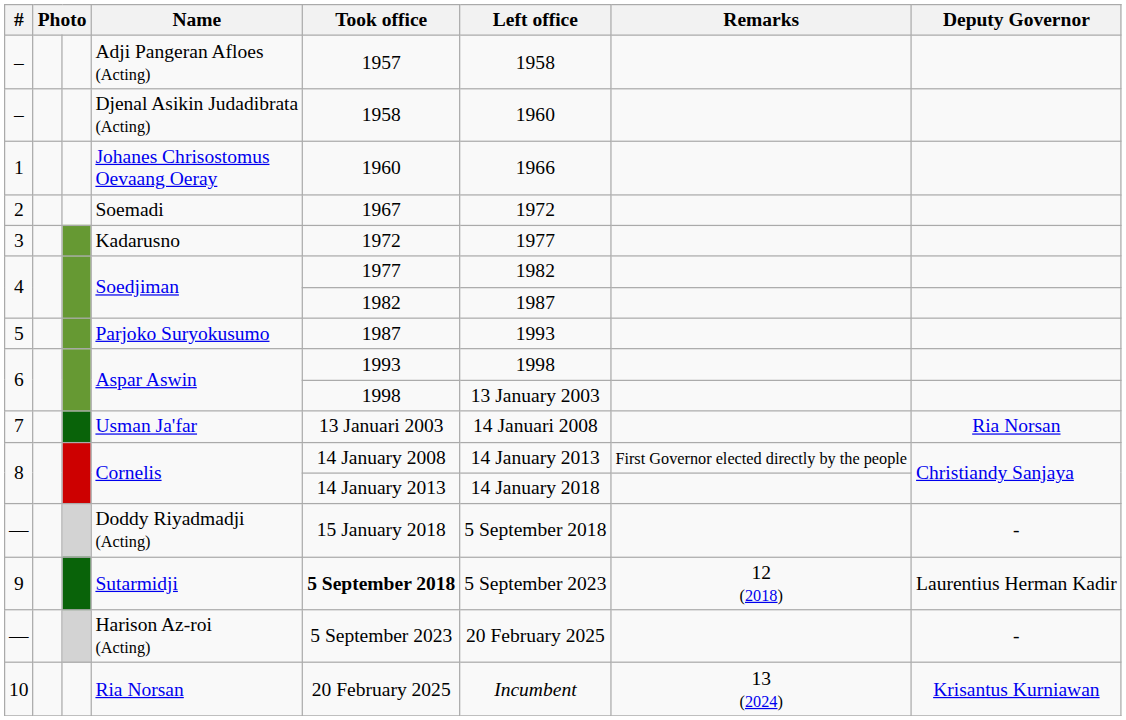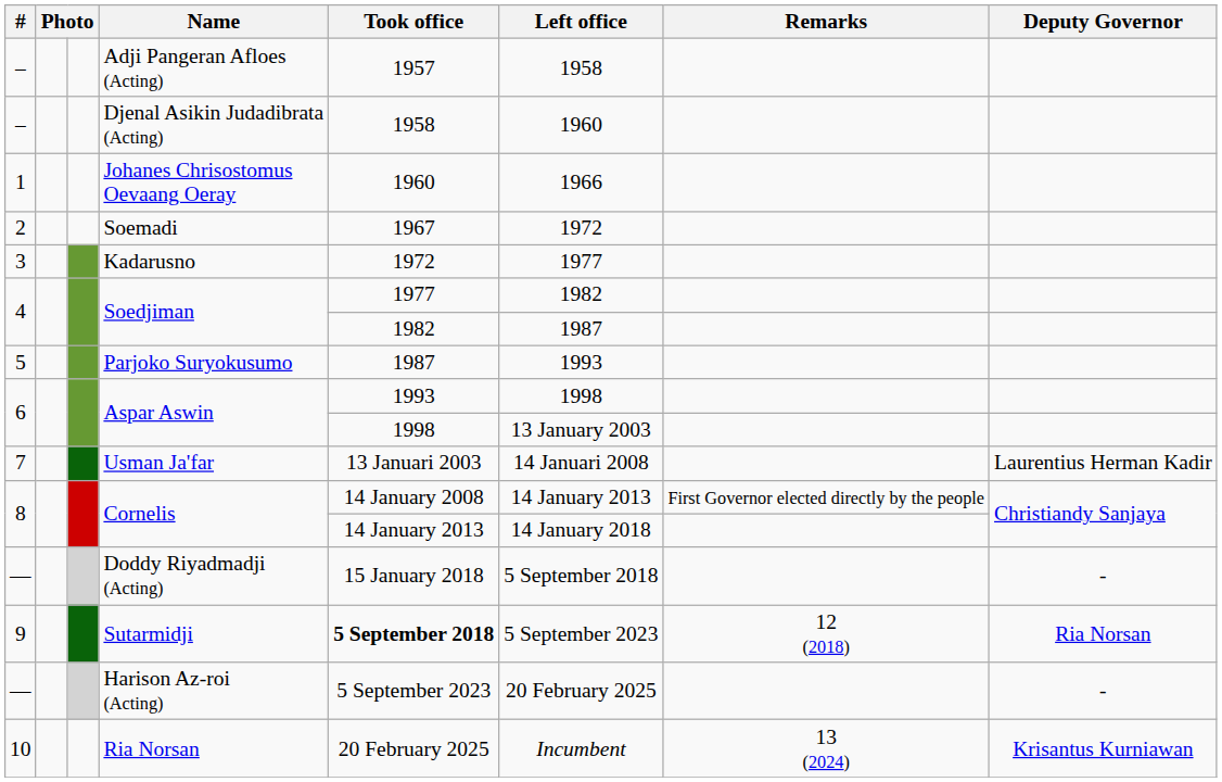 <table class="wikitable">
 <tr>
 <th>#</th>
 <th colspan=2>Photo</th>
 <th>Name</th>
 <th>Took office</th>
 <th>Left office</th>
 <th>Remarks</th>
 <th>Deputy Governor</th>
 </tr>
 <tr>
 <td style="text-align:center;">–</td>
 <td></td>
 <td></td>
 <td>Adji Pangeran Afloes<br><small>(Acting)</small></td>
 <td style="text-align:center;">1957</td>
 <td style="text-align:center;">1958</td>
 <td></td>
 <td></td>
 </tr>
 <tr>
 <td style="text-align:center;">–</td>
 <td></td>
 <td></td>
 <td>Djenal Asikin Judadibrata<br><small>(Acting)</small></td>
 <td style="text-align:center;">1958</td>
 <td style="text-align:center;">1960</td>
 <td></td>
 <td></td>
 </tr>
 <tr>
 <td style="text-align:center;">1</td>
 <td></td>
 <td></td>
 <td><a href='#'>Johanes Chrisostomus<br>Oevaang Oeray</a></td>
 <td style="text-align:center;">1960</td>
 <td style="text-align:center;">1966</td>
 <td></td>
 </tr>
 <tr>
 <td style="text-align:center;">2</td>
 <td></td>
 <td></td>
 <td>Soemadi</td>
 <td style="text-align:center;">1967</td>
 <td style="text-align:center;">1972</td>
 <td></td>
 <td></td>
 </tr>
 <tr>
 <td style="text-align:center;">3</td>
 <td></td>
 <td bgcolor=#669933></td>
 <td>Kadarusno</td>
 <td style="text-align:center;">1972</td>
 <td style="text-align:center;">1977</td>
 <td></td>
 <td></td>
 </tr>
 <tr>
 <td rowspan="2" style="text-align:center;">4</td>
 <td rowspan=2></td>
 <td rowspan=2 bgcolor=#669933></td>
 <td rowspan=2><a href='#'>Soedjiman</a></td>
 <td style="text-align:center;">1977</td>
 <td style="text-align:center;">1982</td>
 <td></td>
 <td></td>
 </tr>
 <tr>
 <td style="text-align:center;">1982</td>
 <td style="text-align:center;">1987</td>
 <td></td>
 <td></td>
 </tr>
 <tr>
 <td style="text-align:center;">5</td>
 <td></td>
 <td bgcolor=#669933></td>
 <td><a href='#'>Parjoko Suryokusumo</a></td>
 <td style="text-align:center;">1987</td>
 <td style="text-align:center;">1993</td>
 <td></td>
 <td></td>
 </tr>
 <tr>
 <td rowspan="2" style="text-align:center;">6</td>
 <td rowspan=2></td>
 <td rowspan=2 bgcolor=#669933></td>
 <td rowspan=2><a href='#'>Aspar Aswin</a></td>
 <td style="text-align:center;">1993</td>
 <td style="text-align:center;">1998</td>
 <td></td>
 <td></td>
 </tr>
 <tr>
 <td style="text-align:center;">1998</td>
 <td style="text-align:center;">13 January 2003</td>
 <td></td>
 <td></td>
 </tr>
 <tr>
 <td style="text-align:center;">7</td>
 <td></td>
 <td bgcolor=#096309></td>
 <td><a href='#'>Usman Ja'far</a></td>
 <td style="text-align:center;">13 Januari 2003</td>
 <td style="text-align:center;">14 Januari 2008</td>
 <td></td>
-<td style="text-align:center;"><a href='#'>Ria Norsan</a></td>
+<td>Laurentius Herman Kadir</td>
 </tr>
 <tr>
 <td rowspan="2" style="text-align:center;">8</td>
 <td rowspan=2></td>
 <td rowspan=2 bgcolor=#cd0000></td>
 <td rowspan=2><a href='#'>Cornelis</a></td>
 <td style="text-align:center;">14 January 2008</td>
 <td style="text-align:center;">14 January 2013</td>
 <td><small>First Governor elected directly by the people</small></td>
 <td rowspan=2><a href='#'>Christiandy Sanjaya</a></td>
 </tr>
 <tr>
 <td style="text-align:center;">14 January 2013</td>
 <td style="text-align:center;">14 January 2018</td>
 <td></td>
 </tr>
 <tr>
 <td style="text-align:center;">—</td>
 <td></td>
 <td bgcolor=#d3d3d3></td>
 <td>Doddy Riyadmadji<br><small>(Acting)</small></td>
 <td style="text-align:center;">15 January 2018</td>
 <td style="text-align:center;">5 September 2018</td>
 <td></td>
 <td style="text-align:center;">-</td>
 </tr>
 <tr>
 <td style="text-align:center;">9</td>
 <td></td>
 <td bgcolor=#096309></td>
 <td><a href='#'>Sutarmidji</a></td>
 <td style="text-align:center;"><strong>5 September 2018</strong></td>
 <td style="text-align:center;">5 September 2023</td>
 <td style="text-align:center;">12<br><small>(<a href='#'>2018</a>)</small></td>
-<td>Laurentius Herman Kadir</td>
+<td style="text-align:center;"><a href='#'>Ria Norsan</a></td>
 </tr>
 <tr>
 <td style="text-align:center;">—</td>
 <td></td>
 <td bgcolor=#d3d3d3></td>
 <td>Harison Az-roi<br><small>(Acting)</small></td>
 <td style="text-align:center;">5 September 2023</td>
 <td style="text-align:center;">20 February 2025</td>
 <td></td>
 <td style="text-align:center;">-</td>
 </tr>
 <tr>
 <td style="text-align:center;">10</td>
 <td></td>
 <td></td>
 <td><a href='#'>Ria Norsan</a></td>
 <td style="text-align:center;">20 February 2025</td>
 <td style="text-align:center;"><em>Incumbent</em></td>
 <td style="text-align:center;">13<br><small>(<a href='#'>2024</a>)</small></td>
 <td style="text-align:center;"><a href='#'>Krisantus Kurniawan</a></td>
 </tr>
 </table>
